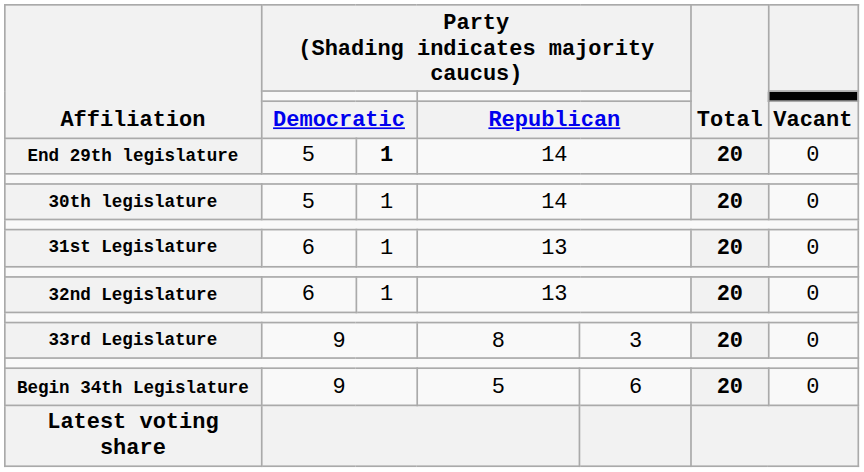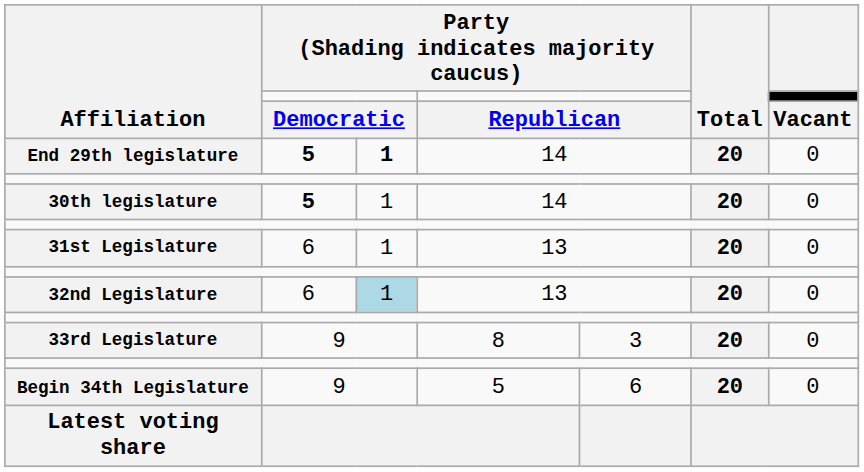 <table class=wikitable style="text-align:center" width=40%>
 <tr style="vertical-align:bottom;">
 <th rowspan=3>Affiliation</th>
 <th colspan=4>Party <div>(Shading indicates majority caucus)</div></th>
 <th rowspan=3>Total</th>
 <th></th>
 </tr>
 <tr style="height:5px">
 <td colspan=2 style="background-color:"></td>
 <td colspan=2 style="background-color:"></td>
 <td style="background-color:black"></td>
 </tr>
 <tr>
 <th colspan=2><a href='#'>Democratic</a></th>
 <th colspan=2><a href='#'>Republican</a></th>
 <th width=30>Vacant</th>
 </tr>
 <tr>
 <th nowrap style="font-size:80%">End 29th legislature</th>
-<td width=50>5</td>
+<td width=50><strong>5</strong></td>
 <td width=30 ><strong>1</strong></td>
 <td colspan=2 >14</td>
 <th>20</th>
 <td>0</td>
 </tr>
 <tr>
 <td colspan=7></td>
 </tr>
 <tr>
 <th nowrap style="font-size:80%">30th legislature</th>
-<td>5</td>
+<td><strong>5</strong></td>
 <td>1</td>
 <td colspan=2 >14</td>
 <th>20</th>
 <td>0</td>
 </tr>
 <tr>
 <td colspan=7></td>
 </tr>
 <tr>
 <th nowrap style="font-size:80%">31st Legislature</th>
 <td>6</td>
 <td>1</td>
 <td colspan=2 >13</td>
 <th>20</th>
 <td>0</td>
 </tr>
 <tr>
 <td colspan=7></td>
 </tr>
 <tr>
 <th nowrap style="font-size:80%">32nd Legislature</th>
 <td>6</td>
-<td>1</td>
+<td style="background: lightblue;">1</td>
 <td colspan=2 >13</td>
 <th>20</th>
 <td>0</td>
 </tr>
 <tr>
 <td colspan=7></td>
 </tr>
 <tr>
 <th nowrap style="font-size:80%">33rd Legislature</th>
 <td colspan=2 >9</td>
 <td>8</td>
 <td width=60>3</td>
 <th>20</th>
 <td>0</td>
 </tr>
 <tr>
 <td colspan=7></td>
 </tr>
 <tr>
 <th nowrap style="font-size:80%">Begin 34th Legislature</th>
 <td colspan=2 >9</td>
 <td>5</td>
 <td width=60>6</td>
 <th>20</th>
 <td>0</td>
 </tr>
 <tr>
 <th>Latest voting share</th>
 <th colspan=3 ></th>
 <th></th>
 <th colspan=2></th>
 </tr>
 </table>
